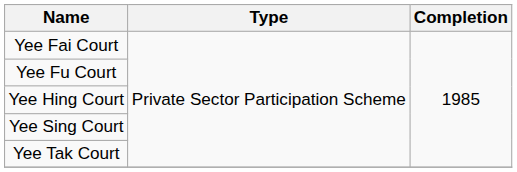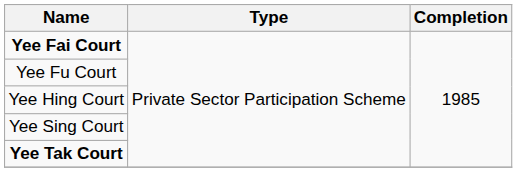 <table class="wikitable" style="text-align: center">
 <tr>
 <th>Name</th>
 <th>Type</th>
 <th>Completion</th>
 </tr>
 <tr>
-<td>Yee Fai Court</td>
+<td><strong>Yee Fai Court</strong></td>
 <td rowspan="5">Private Sector Participation Scheme</td>
 <td rowspan="5">1985</td>
 </tr>
 <tr>
 <td>Yee Fu Court</td>
 </tr>
 <tr>
 <td>Yee Hing Court</td>
 </tr>
 <tr>
 <td>Yee Sing Court</td>
 </tr>
 <tr>
-<td>Yee Tak Court</td>
+<td><strong>Yee Tak Court</strong></td>
 </tr>
 <tr>
 </tr>
 </table>
